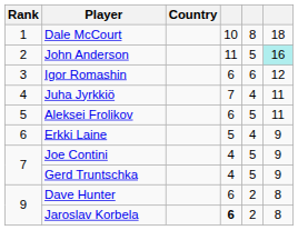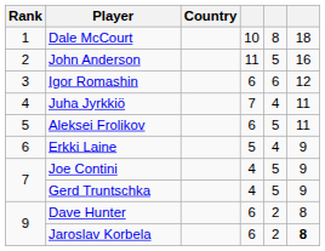 <table class="wikitable sortable" style="text-align: center;">
 <tr>
 <th width=30>Rank</th>
 <th width=150>Player</th>
 <th>Country</th>
 <th width=20></th>
 <th width=20></th>
 <th width=30></th>
 </tr>
 <tr>
 <td>1</td>
 <td align=left><a href='#'>Dale McCourt</a></td>
 <td align=left></td>
 <td>10</td>
 <td>8</td>
 <td>18</td>
 </tr>
 <tr>
 <td>2</td>
 <td align=left><a href='#'>John Anderson</a></td>
 <td align=left></td>
 <td>11</td>
 <td>5</td>
-<td style="background: paleturquoise;">16</td>
+<td>16</td>
 </tr>
 <tr>
 <td>3</td>
 <td align=left><a href='#'>Igor Romashin</a></td>
 <td align=left></td>
 <td>6</td>
 <td>6</td>
 <td>12</td>
 </tr>
 <tr>
 <td>4</td>
 <td align=left><a href='#'>Juha Jyrkkiö</a></td>
 <td align=left></td>
 <td>7</td>
 <td>4</td>
 <td>11</td>
 </tr>
 <tr>
 <td>5</td>
 <td align=left><a href='#'>Aleksei Frolikov</a></td>
 <td align=left></td>
 <td>6</td>
 <td>5</td>
 <td>11</td>
 </tr>
 <tr>
 <td>6</td>
 <td align=left><a href='#'>Erkki Laine</a></td>
 <td align=left></td>
 <td>5</td>
 <td>4</td>
 <td>9</td>
 </tr>
 <tr>
 <td rowspan=2>7</td>
 <td align=left><a href='#'>Joe Contini</a></td>
 <td align=left></td>
 <td>4</td>
 <td>5</td>
 <td>9</td>
 </tr>
 <tr>
 <td align=left><a href='#'>Gerd Truntschka</a></td>
 <td align=left></td>
 <td>4</td>
 <td>5</td>
 <td>9</td>
 </tr>
 <tr>
 <td rowspan=2>9</td>
 <td align=left><a href='#'>Dave Hunter</a></td>
 <td align=left></td>
 <td>6</td>
 <td>2</td>
 <td>8</td>
 </tr>
 <tr>
 <td align=left><a href='#'>Jaroslav Korbela</a></td>
 <td align=left></td>
-<td><strong>6</strong></td>
+<td>6</td>
 <td>2</td>
-<td>8</td>
+<td><strong>8</strong></td>
 </tr>
 </table>
